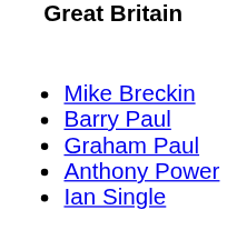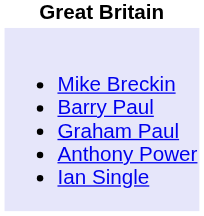 <table>
 <tr>
 <th>Great Britain</th>
 </tr>
 <tr>
-<td><br><ul><li><a href='#'>Mike Breckin</a></li><li><a href='#'>Barry Paul</a></li><li><a href='#'>Graham Paul</a></li><li><a href='#'>Anthony Power</a></li><li><a href='#'>Ian Single</a></li></ul></td>
+<td style="background: lavender;"><br><ul><li><a href='#'>Mike Breckin</a></li><li><a href='#'>Barry Paul</a></li><li><a href='#'>Graham Paul</a></li><li><a href='#'>Anthony Power</a></li><li><a href='#'>Ian Single</a></li></ul></td>
 </tr>
 </table>
